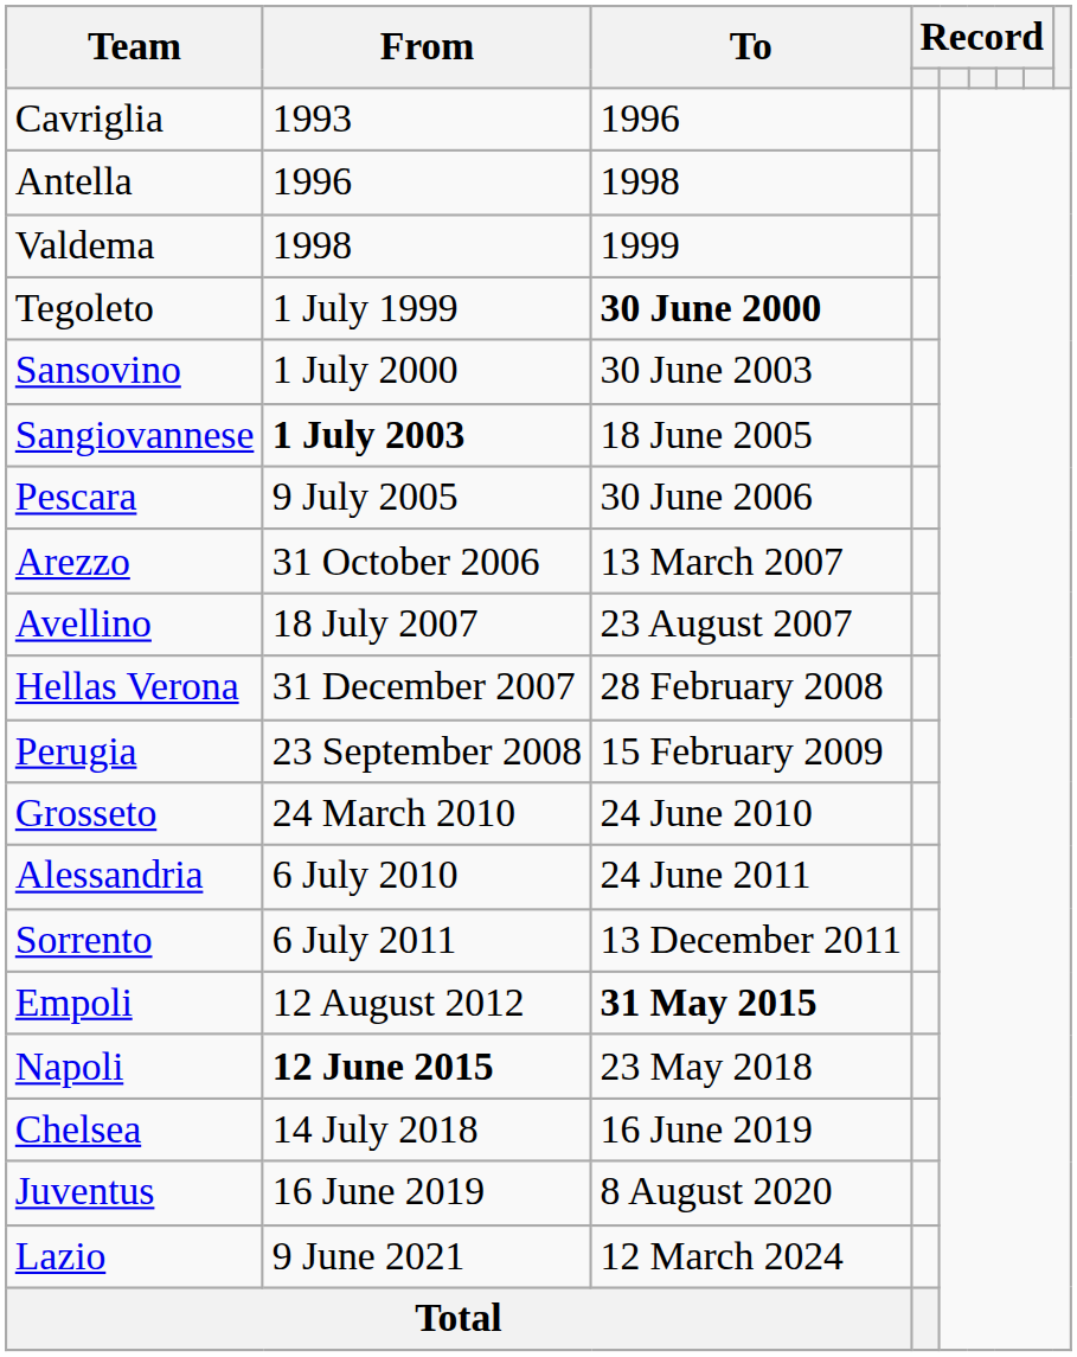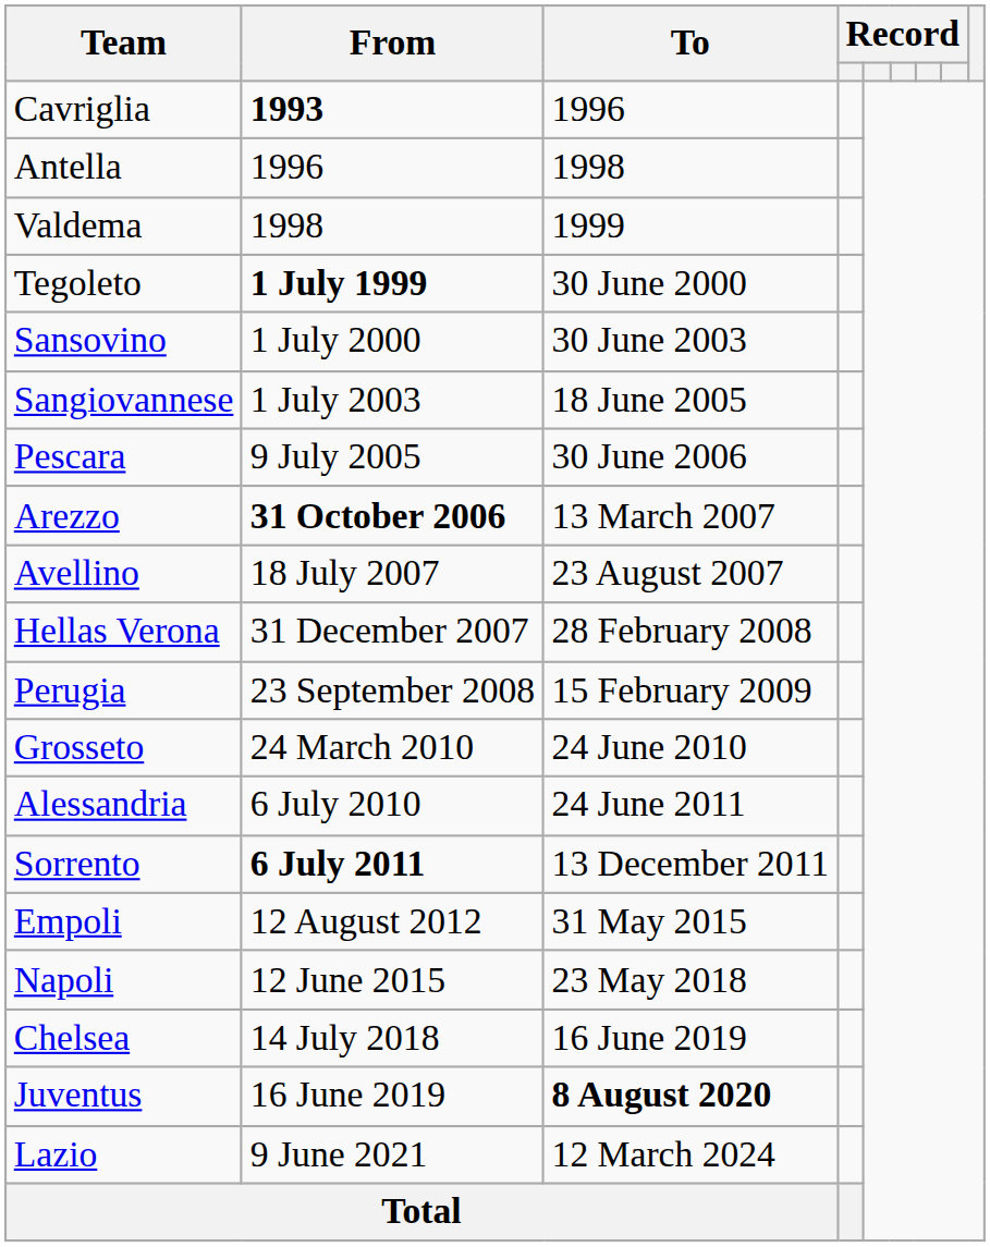 <table class=wikitable style=text-align:center>
 <tr>
 <th rowspan=2>Team</th>
 <th rowspan=2>From</th>
 <th rowspan=2>To</th>
 <th colspan=5>Record</th>
 <th rowspan=2></th>
 </tr>
 <tr>
 <th></th>
 <th></th>
 <th></th>
 <th></th>
 <th></th>
 </tr>
 <tr>
 <td align="left">Cavriglia</td>
-<td align="left">1993</td>
+<td align="left"><strong>1993</strong></td>
 <td align="left">1996<br></td>
 <td></td>
 </tr>
 <tr>
 <td align="left">Antella</td>
 <td align="left">1996</td>
 <td align="left">1998<br></td>
 <td></td>
 </tr>
 <tr>
 <td align="left">Valdema</td>
 <td align="left">1998</td>
 <td align="left">1999<br></td>
 <td></td>
 </tr>
 <tr>
 <td align="left">Tegoleto</td>
-<td align="left">1 July 1999</td>
-<td align="left"><strong>30 June 2000<br></strong></td>
+<td align="left"><strong>1 July 1999</strong></td>
+<td align="left">30 June 2000<br></td>
 <td></td>
 </tr>
 <tr>
 <td align="left"><a href='#'>Sansovino</a></td>
 <td align="left">1 July 2000</td>
 <td align="left">30 June 2003<br></td>
 <td></td>
 </tr>
 <tr>
 <td align="left"><a href='#'>Sangiovannese</a></td>
-<td align="left"><strong>1 July 2003</strong></td>
+<td align="left">1 July 2003</td>
 <td align="left">18 June 2005<br></td>
 <td></td>
 </tr>
 <tr>
 <td align="left"><a href='#'>Pescara</a></td>
 <td align="left">9 July 2005</td>
 <td align="left">30 June 2006<br></td>
 <td></td>
 </tr>
 <tr>
 <td align="left"><a href='#'>Arezzo</a></td>
-<td align="left">31 October 2006</td>
+<td align="left"><strong>31 October 2006</strong></td>
 <td align="left">13 March 2007<br></td>
 <td></td>
 </tr>
 <tr>
 <td align="left"><a href='#'>Avellino</a></td>
 <td align="left">18 July 2007</td>
 <td align="left">23 August 2007<br></td>
 <td></td>
 </tr>
 <tr>
 <td align="left"><a href='#'>Hellas Verona</a></td>
 <td align="left">31 December 2007</td>
 <td align="left">28 February 2008<br></td>
 <td></td>
 </tr>
 <tr>
 <td align="left"><a href='#'>Perugia</a></td>
 <td align="left">23 September 2008</td>
 <td align="left">15 February 2009<br></td>
 <td></td>
 </tr>
 <tr>
 <td align="left"><a href='#'>Grosseto</a></td>
 <td align="left">24 March 2010</td>
 <td align="left">24 June 2010<br></td>
 <td></td>
 </tr>
 <tr>
 <td align="left"><a href='#'>Alessandria</a></td>
 <td align="left">6 July 2010</td>
 <td align="left">24 June 2011<br></td>
 <td></td>
 </tr>
 <tr>
 <td align="left"><a href='#'>Sorrento</a></td>
-<td align="left">6 July 2011</td>
+<td align="left"><strong>6 July 2011</strong></td>
 <td align="left">13 December 2011<br></td>
 <td></td>
 </tr>
 <tr>
 <td align="left"><a href='#'>Empoli</a></td>
 <td align="left">12 August 2012</td>
-<td align="left"><strong>31 May 2015<br></strong></td>
+<td align="left">31 May 2015<br></td>
 <td></td>
 </tr>
 <tr>
 <td align="left"><a href='#'>Napoli</a></td>
-<td align="left"><strong>12 June 2015</strong></td>
+<td align="left">12 June 2015</td>
 <td align="left">23 May 2018<br></td>
 <td></td>
 </tr>
 <tr>
 <td align="left"><a href='#'>Chelsea</a></td>
 <td align="left">14 July 2018</td>
 <td align="left">16 June 2019<br></td>
 <td></td>
 </tr>
 <tr>
 <td align="left"><a href='#'>Juventus</a></td>
 <td align="left">16 June 2019</td>
-<td align="left">8 August 2020<br></td>
+<td align="left"><strong>8 August 2020<br></strong></td>
 <td></td>
 </tr>
 <tr>
 <td align="left"><a href='#'>Lazio</a></td>
 <td align="left">9 June 2021</td>
 <td align="left">12 March 2024<br></td>
 <td></td>
 </tr>
 <tr>
 <th colspan=3>Total<br></th>
 <th></th>
 </tr>
 </table>
